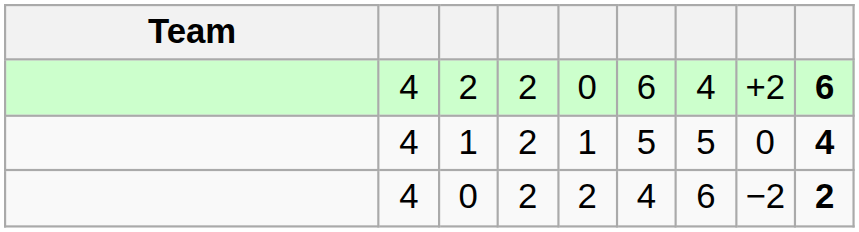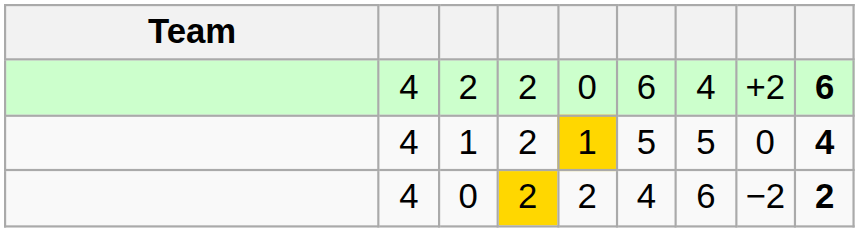 <table class="wikitable" style="text-align:center">
 <tr>
 <th width=165>Team</th>
 <th width=20></th>
 <th width=20></th>
 <th width=20></th>
 <th width=20></th>
 <th width=20></th>
 <th width=20></th>
 <th width=20></th>
 <th width=20></th>
 </tr>
 <tr align=center bgcolor=ccffcc>
 <td align=left></td>
 <td>4</td>
 <td>2</td>
 <td>2</td>
 <td>0</td>
 <td>6</td>
 <td>4</td>
 <td>+2</td>
 <td><strong>6</strong></td>
 </tr>
 <tr align=center>
 <td align=left></td>
 <td>4</td>
 <td>1</td>
 <td>2</td>
-<td>1</td>
+<td style="background: gold;">1</td>
 <td>5</td>
 <td>5</td>
 <td>0</td>
 <td><strong>4</strong></td>
 </tr>
 <tr align=center>
 <td align=left></td>
 <td>4</td>
 <td>0</td>
-<td>2</td>
+<td style="background: gold;">2</td>
 <td>2</td>
 <td>4</td>
 <td>6</td>
 <td>−2</td>
 <td><strong>2</strong></td>
 </tr>
 </table>
